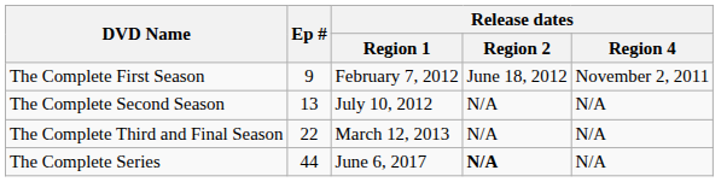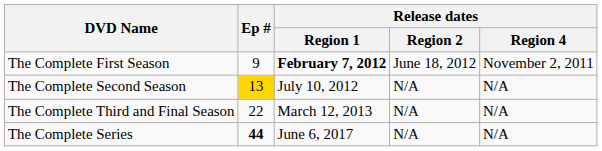 <table class="wikitable">
 <tr>
 <th rowspan="2">DVD Name</th>
 <th rowspan="2">Ep #</th>
 <th colspan="3">Release dates</th>
 </tr>
 <tr>
 <th>Region 1</th>
 <th>Region 2</th>
 <th>Region 4</th>
 </tr>
 <tr>
 <td>The Complete First Season</td>
 <td style="text-align:center;">9</td>
-<td>February 7, 2012</td>
+<td><strong>February 7, 2012</strong></td>
 <td>June 18, 2012</td>
 <td>November 2, 2011</td>
 </tr>
 <tr>
 <td>The Complete Second Season</td>
-<td style="text-align:center;">13</td>
+<td style="background: gold; text-align:center;">13</td>
 <td>July 10, 2012</td>
 <td>N/A</td>
 <td>N/A</td>
 </tr>
 <tr>
 <td>The Complete Third and Final Season</td>
 <td style="text-align:center;">22</td>
 <td>March 12, 2013</td>
 <td>N/A</td>
 <td>N/A</td>
 </tr>
 <tr>
 <td>The Complete Series</td>
-<td style="text-align:center;">44</td>
+<td style="text-align:center;"><strong>44</strong></td>
 <td>June 6, 2017</td>
-<td><strong>N/A</strong></td>
+<td>N/A</td>
 <td>N/A</td>
 </tr>
 </table>
